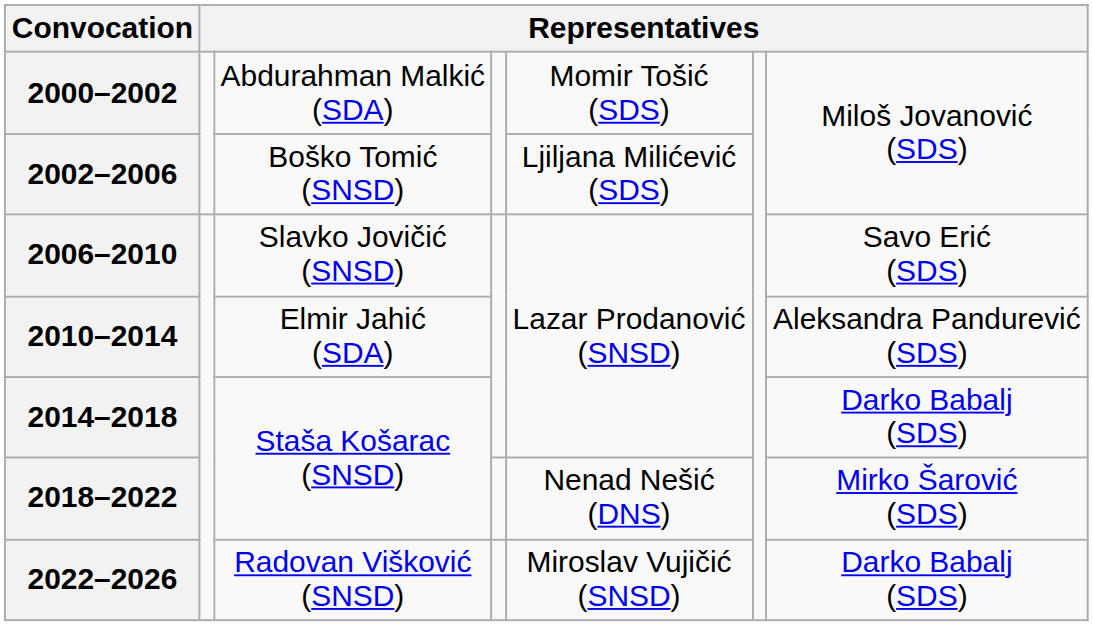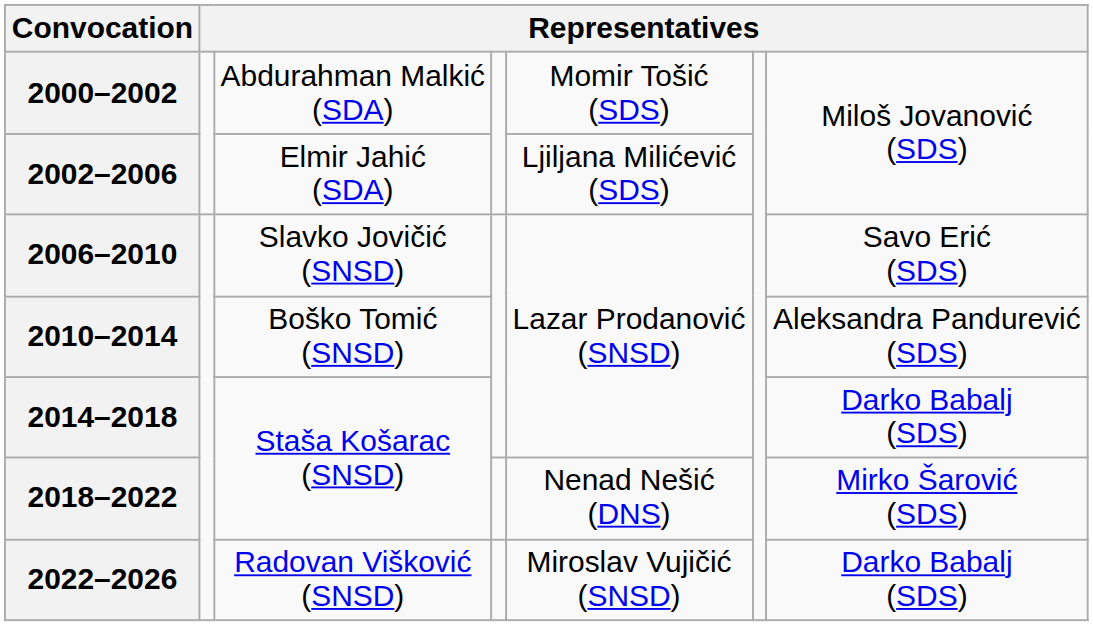 <table class="wikitable" style="text-align:center">
 <tr>
 <th>Convocation</th>
 <th colspan=6>Representatives</th>
 </tr>
 <tr>
 <th>2000–2002</th>
 <td rowspan=2; style="background-color: "></td>
 <td>Abdurahman Malkić<br>(<a href='#'>SDA</a>)</td>
 <td rowspan=2; style="background-color: "></td>
 <td>Momir Tošić<br>(<a href='#'>SDS</a>)</td>
 <td rowspan=7; style="background-color: "></td>
 <td rowspan=2>Milоš Jоvаnоvić<br>(<a href='#'>SDS</a>)</td>
 </tr>
 <tr>
 <th>2002–2006</th>
-<td>Boško Tomić<br>(<a href='#'>SNSD</a>)</td>
+<td>Elmir Jahić<br>(<a href='#'>SDA</a>)</td>
 <td>Ljiljana Milićević<br>(<a href='#'>SDS</a>)</td>
 </tr>
 <tr>
 <th>2006–2010</th>
 <td rowspan=5; style="background-color: "></td>
 <td>Slavko Jovičić<br>(<a href='#'>SNSD</a>)</td>
 <td rowspan=3; style="background-color: "></td>
 <td rowspan=3>Lazar Prodanović<br>(<a href='#'>SNSD</a>)</td>
 <td>Savo Erić<br>(<a href='#'>SDS</a>)</td>
 </tr>
 <tr>
 <th>2010–2014</th>
-<td>Elmir Jahić<br>(<a href='#'>SDA</a>)</td>
+<td>Boško Tomić<br>(<a href='#'>SNSD</a>)</td>
 <td>Aleksandra Pandurević<br>(<a href='#'>SDS</a>)</td>
 </tr>
 <tr>
 <th>2014–2018</th>
 <td rowspan=2><a href='#'>Staša Košarac</a><br>(<a href='#'>SNSD</a>)</td>
 <td><a href='#'>Darko Babalj</a><br>(<a href='#'>SDS</a>)</td>
 </tr>
 <tr>
 <th>2018–2022</th>
 <td rowspan=1; style="background-color: "></td>
 <td>Nenad Nešić<br>(<a href='#'>DNS</a>)</td>
 <td><a href='#'>Mirko Šarović</a><br>(<a href='#'>SDS</a>)</td>
 </tr>
 <tr>
 <th>2022–2026</th>
 <td rowspan=1><a href='#'>Radovan Višković</a><br>(<a href='#'>SNSD</a>)</td>
 <td rowspan=1; style="background-color: "></td>
 <td rowspan=1>Miroslav Vujičić<br>(<a href='#'>SNSD</a>)</td>
 <td><a href='#'>Darko Babalj</a><br>(<a href='#'>SDS</a>)</td>
 </tr>
 </table>
